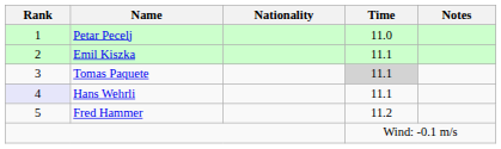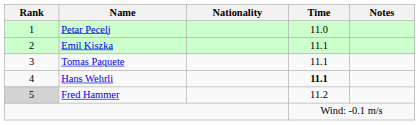 <table class="wikitable sortable" style="text-align:center;width: 50%">
 <tr>
 <th>Rank</th>
 <th>Name</th>
 <th>Nationality</th>
 <th>Time</th>
 <th>Notes</th>
 </tr>
 <tr bgcolor=ccffcc>
 <td>1</td>
 <td align=left><a href='#'>Petar Pecelj</a></td>
 <td align=left></td>
 <td>11.0</td>
 <td></td>
 </tr>
 <tr bgcolor=ccffcc>
 <td>2</td>
 <td align=left><a href='#'>Emil Kiszka</a></td>
 <td align=left></td>
 <td>11.1</td>
 <td></td>
 </tr>
 <tr>
 <td>3</td>
 <td align=left><a href='#'>Tomas Paquete</a></td>
 <td align=left></td>
-<td style="background: lightgrey;">11.1</td>
-<td></td>
-</tr>
-<tr>
-<td style="background: lavender;">4</td>
-<td align=left><a href='#'>Hans Wehrli</a></td>
-<td align=left></td>
 <td>11.1</td>
 <td></td>
 </tr>
 <tr>
-<td>5</td>
+<td>4</td>
+<td align=left><a href='#'>Hans Wehrli</a></td>
+<td align=left></td>
+<td><strong>11.1</strong></td>
+<td></td>
+</tr>
+<tr>
+<td style="background: lightgrey;">5</td>
 <td align=left><a href='#'>Fred Hammer</a></td>
 <td align=left></td>
 <td>11.2</td>
 <td></td>
 </tr>
 <tr>
 <td colspan="3"></td>
 <td colspan="2">Wind: -0.1 m/s</td>
 </tr>
 </table>
